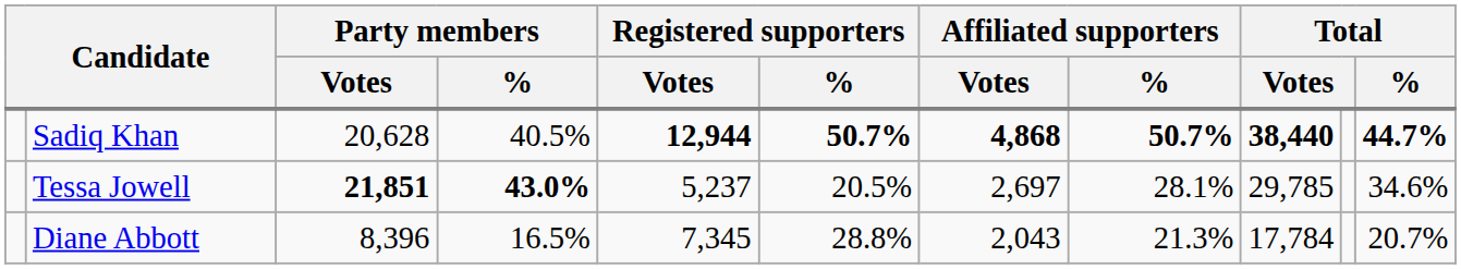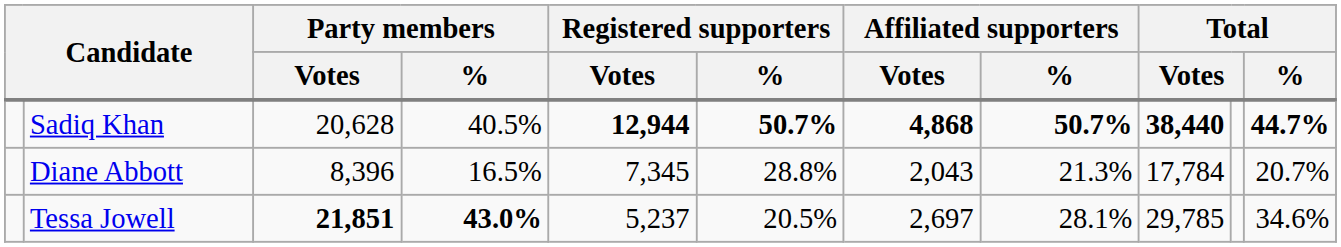 <table class="wikitable" style="font-size: 95%;">
 <tr>
 <th colspan="2" scope="col" rowspan="2" width="125">Candidate</th>
 <th scope="col" colspan="2" width="150">Party members</th>
 <th scope="col" colspan="2" width="150">Registered supporters</th>
 <th scope="col" colspan="2" width="150">Affiliated supporters</th>
 <th scope="col" colspan="3" width="75">Total</th>
 </tr>
 <tr style="background-color:#E9E9E9; border-bottom: 2px solid gray;">
 <th>Votes</th>
 <th>%</th>
 <th>Votes</th>
 <th>%</th>
 <th>Votes</th>
 <th>%</th>
 <th scope="col" colspan="2">Votes</th>
 <th>%</th>
 </tr>
 <tr align="right">
 <td style="background-color: "></td>
 <td scope="row" align="left"><a href='#'>Sadiq Khan</a></td>
 <td>20,628</td>
 <td>40.5%</td>
 <td><strong>12,944</strong></td>
 <td><strong>50.7%</strong></td>
 <td><strong>4,868</strong></td>
 <td><strong>50.7%</strong></td>
 <td><strong>38,440</strong></td>
 <td align=center></td>
 <td><strong>44.7%</strong></td>
 </tr>
 <tr align="right">
 <td style="background-color: "></td>
+<td scope="row" align="left"><a href='#'>Diane Abbott</a></td>
+<td>8,396</td>
+<td>16.5%</td>
+<td>7,345</td>
+<td>28.8%</td>
+<td>2,043</td>
+<td>21.3%</td>
+<td>17,784</td>
+<td align=center></td>
+<td>20.7%</td>
+</tr>
+<tr align="right">
+<td style="background-color: "></td>
 <td scope="row" align="left"><a href='#'>Tessa Jowell</a></td>
 <td><strong>21,851</strong></td>
 <td><strong>43.0%</strong></td>
 <td>5,237</td>
 <td>20.5%</td>
 <td>2,697</td>
 <td>28.1%</td>
 <td>29,785</td>
 <td align=center></td>
 <td>34.6%</td>
 </tr>
-<tr align="right">
-<td style="background-color: "></td>
-<td scope="row" align="left"><a href='#'>Diane Abbott</a></td>
-<td>8,396</td>
-<td>16.5%</td>
-<td>7,345</td>
-<td>28.8%</td>
-<td>2,043</td>
-<td>21.3%</td>
-<td>17,784</td>
-<td align=center></td>
-<td>20.7%</td>
-</tr>
 </table>
